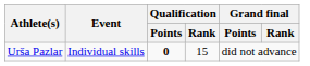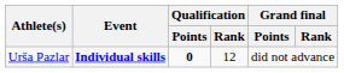 <table class="wikitable">
 <tr>
 <th rowspan="2">Athlete(s)</th>
 <th rowspan="2">Event</th>
 <th colspan="2">Qualification</th>
 <th colspan="2">Grand final</th>
 </tr>
 <tr>
 <th>Points</th>
 <th>Rank</th>
 <th>Points</th>
 <th>Rank</th>
 </tr>
 <tr>
 <td><a href='#'>Urša Pazlar</a></td>
-<td><a href='#'>Individual skills</a></td>
+<td><strong><a href='#'>Individual skills</a></strong></td>
 <td align="center"><strong>0</strong></td>
-<td align="center">15</td>
+<td align="center">12</td>
 <td align="center" colspan=2>did not advance</td>
 </tr>
 </table>
